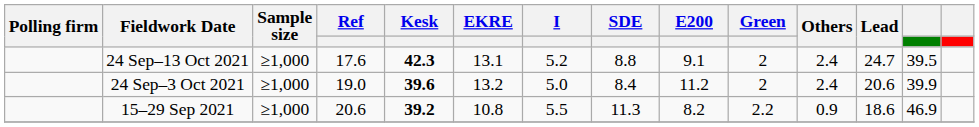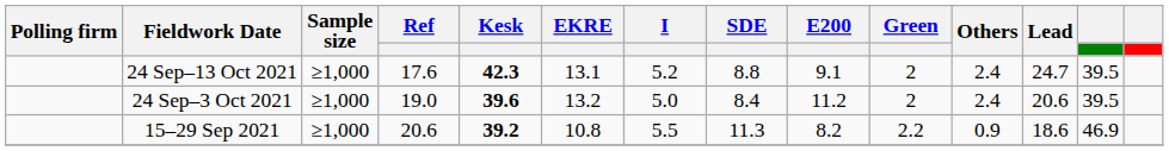 <table class="wikitable sortable mw-datatable" style="text-align:center;font-size:90%;line-height:14px;">
 <tr>
 <th rowspan="2">Polling firm</th>
 <th rowspan="2">Fieldwork Date</th>
 <th rowspan="2" data-sort-type="number">Sample<br>size</th>
 <th class="unsortable" style="width:50px;"><a href='#'>Ref</a></th>
 <th class="unsortable" style="width:50px;"><a href='#'>Kesk</a></th>
 <th class="unsortable" style="width:50px;"><a href='#'>EKRE</a></th>
 <th class="unsortable" style="width:50px;"><a href='#'>I</a></th>
 <th class="unsortable" style="width:50px;"><a href='#'>SDE</a></th>
 <th class="unsortable" style="width:50px;"><a href='#'>E200</a></th>
 <th class="unsortable" style="width:50px;"><a href='#'>Green</a></th>
 <th rowspan="2" class="unsortable">Others</th>
 <th rowspan="2" data-sort-type="number">Lead</th>
 <th class="unsortable" style="width:20px;"></th>
 <th class="unsortable" style="width:20px;"></th>
 </tr>
 <tr style="text-align:center;">
 <th data-sort-type="number" style="background:"></th>
 <th data-sort-type="number" style="background:"></th>
 <th data-sort-type="number" style="background:"></th>
 <th data-sort-type="number" style="background:"></th>
 <th data-sort-type="number" style="background:"></th>
 <th data-sort-type="number" style="background:"></th>
 <th data-sort-type="number" style="background:"></th>
 <th data-sort-type="number" style="background:Green;"></th>
 <th data-sort-type="number" style="background:Red;"></th>
 </tr>
 <tr>
 <td></td>
 <td>24 Sep–13 Oct 2021</td>
 <td>≥1,000</td>
 <td>17.6</td>
 <td style="background:"><strong>42.3</strong></td>
 <td>13.1</td>
 <td>5.2</td>
 <td>8.8</td>
 <td>9.1</td>
 <td>2</td>
 <td>2.4</td>
 <td style="background:">24.7</td>
 <td>39.5</td>
 <td></td>
 </tr>
 <tr>
 <td></td>
 <td>24 Sep–3 Oct 2021</td>
 <td>≥1,000</td>
 <td>19.0</td>
 <td style="background:"><strong>39.6</strong></td>
 <td>13.2</td>
 <td>5.0</td>
 <td>8.4</td>
 <td>11.2</td>
 <td>2</td>
 <td>2.4</td>
 <td style="background:">20.6</td>
-<td>39.9</td>
+<td>39.5</td>
 <td></td>
 </tr>
 <tr>
 <td></td>
 <td>15–29 Sep 2021</td>
 <td>≥1,000</td>
 <td>20.6</td>
 <td style="background:"><strong>39.2</strong></td>
 <td>10.8</td>
 <td>5.5</td>
 <td>11.3</td>
 <td>8.2</td>
 <td>2.2</td>
 <td>0.9</td>
 <td style="background:">18.6</td>
 <td>46.9</td>
 <td></td>
 </tr>
 <tr>
 </tr>
 </table>
